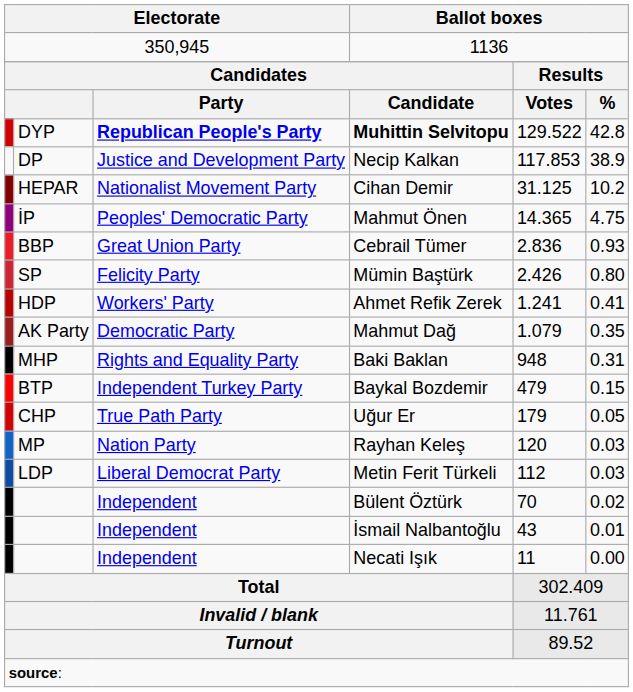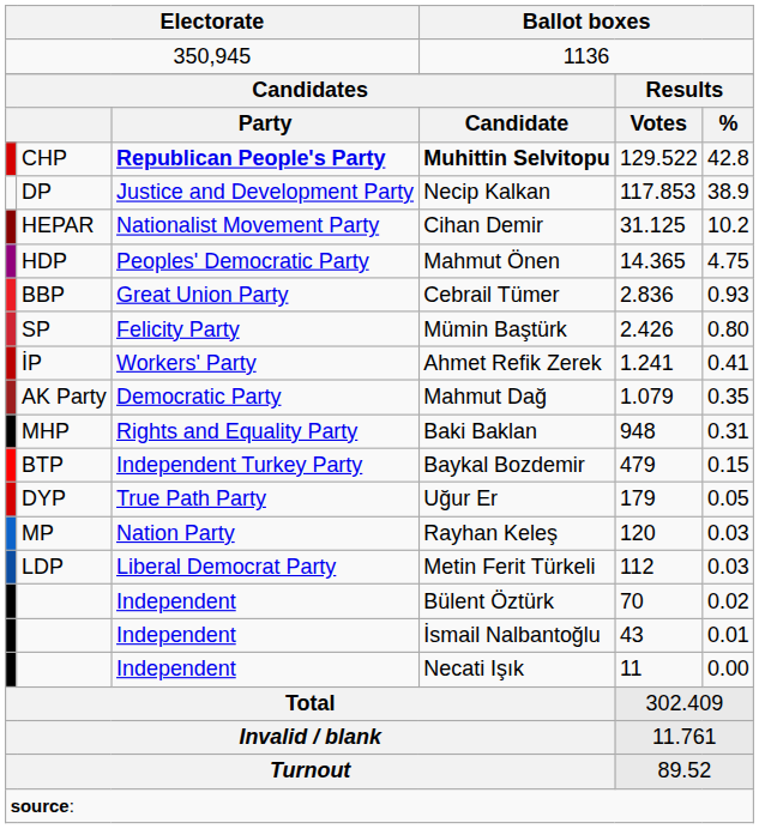 <table class="wikitable">
 <tr style="background-color:#F2F2F2">
 <td align="center" colspan="3"><strong>Electorate</strong></td>
 <td align="center" colspan="7"><strong>Ballot boxes</strong></td>
 </tr>
 <tr align="left">
 <td align="center" colspan="3">350,945</td>
 <td align="center" colspan="7">1136</td>
 </tr>
 <tr>
 </tr>
 <tr style="background-color:#E9E9E9">
 </tr>
 <tr>
 <th align="center" colspan="4">Candidates</th>
 <th align="center" colspan="6">Results</th>
 </tr>
 <tr style="background-color:#E9E9E9">
 <th align="center" colspan="2"></th>
 <th align="center">Party</th>
 <th align="center">Candidate</th>
 <th align="center">Votes</th>
 <th align="center">%</th>
 </tr>
 <tr align="left">
 <td bgcolor="#d50000" width=1></td>
-<td>DYP</td>
+<td>CHP</td>
 <td><strong><a href='#'>Republican People's Party</a></strong></td>
 <td><strong>Muhittin Selvitopu</strong></td>
 <td>129.522</td>
 <td>42.8</td>
 </tr>
 <tr align="left">
 <td></td>
 <td>DP</td>
 <td><a href='#'>Justice and Development Party</a></td>
 <td>Necip Kalkan</td>
 <td>117.853</td>
 <td>38.9</td>
 </tr>
 <tr align="left">
 <td bgcolor="#870000" width=1></td>
 <td>HEPAR</td>
 <td><a href='#'>Nationalist Movement Party</a></td>
 <td>Cihan Demir</td>
 <td>31.125</td>
 <td>10.2</td>
 </tr>
 <tr align="left">
 <td bgcolor="#91007B" width=1></td>
-<td>İP</td>
+<td>HDP</td>
 <td><a href='#'>Peoples' Democratic Party</a></td>
 <td>Mahmut Önen</td>
 <td>14.365</td>
 <td>4.75</td>
 </tr>
 <tr align="left">
 <td bgcolor="#ED1C24" width=1></td>
 <td>BBP</td>
 <td><a href='#'>Great Union Party</a></td>
 <td>Cebrail Tümer</td>
 <td>2.836</td>
 <td>0.93</td>
 </tr>
 <tr align="left">
 <td bgcolor="#D02433" width=1></td>
 <td>SP</td>
 <td><a href='#'>Felicity Party</a></td>
 <td>Mümin Baştürk</td>
 <td>2.426</td>
 <td>0.80</td>
 </tr>
 <tr align="left">
 <td bgcolor="#BB0000" width=1></td>
-<td>HDP</td>
+<td>İP</td>
 <td><a href='#'>Workers' Party</a></td>
 <td>Ahmet Refik Zerek</td>
 <td>1.241</td>
 <td>0.41</td>
 </tr>
 <tr align="left">
 <td bgcolor="#9D1D1E" width=1></td>
 <td>AK Party</td>
 <td><a href='#'>Democratic Party</a></td>
 <td>Mahmut Dağ</td>
 <td>1.079</td>
 <td>0.35</td>
 </tr>
 <tr align="left">
 <td bgcolor="#000000" width=1></td>
 <td>MHP</td>
 <td><a href='#'>Rights and Equality Party</a></td>
 <td>Baki Baklan</td>
 <td>948</td>
 <td>0.31</td>
 </tr>
 <tr align="left">
 <td bgcolor="#FE0000" width=1></td>
 <td>BTP</td>
 <td><a href='#'>Independent Turkey Party</a></td>
 <td>Baykal Bozdemir</td>
 <td>479</td>
 <td>0.15</td>
 </tr>
 <tr align="left">
 <td bgcolor="#d50000" width=1></td>
-<td>CHP</td>
+<td>DYP</td>
 <td><a href='#'>True Path Party</a></td>
 <td>Uğur Er</td>
 <td>179</td>
 <td>0.05</td>
 </tr>
 <tr align="left">
 <td bgcolor="#0C63CA" width=1></td>
 <td>MP</td>
 <td><a href='#'>Nation Party</a></td>
 <td>Rayhan Keleş</td>
 <td>120</td>
 <td>0.03</td>
 </tr>
 <tr align="left">
 <td bgcolor="#0C4DA2" width=1></td>
 <td>LDP</td>
 <td><a href='#'>Liberal Democrat Party</a></td>
 <td>Metin Ferit Türkeli</td>
 <td>112</td>
 <td>0.03</td>
 </tr>
 <tr align="left">
 <td bgcolor=" " width=1></td>
 <td></td>
 <td><a href='#'>Independent</a></td>
 <td>Bülent Öztürk</td>
 <td>70</td>
 <td>0.02</td>
 </tr>
 <tr align="left">
 <td bgcolor=" " width=1></td>
 <td></td>
 <td><a href='#'>Independent</a></td>
 <td>İsmail Nalbantoğlu</td>
 <td>43</td>
 <td>0.01</td>
 </tr>
 <tr align="left">
 <td bgcolor=" " width=1></td>
 <td></td>
 <td><a href='#'>Independent</a></td>
 <td>Necati Işık</td>
 <td>11</td>
 <td>0.00</td>
 </tr>
 <tr style="background-color:#E9E9E9" align="left">
 <th align="center" colspan="4"><strong>Total</strong></th>
 <td align="center" colspan="5">302.409</td>
 </tr>
 <tr style="background-color:#E9E9E9" align="left">
 <th align="center" colspan="4"><em>Invalid / blank</em></th>
 <td align="center" colspan="5">11.761</td>
 </tr>
 <tr style="background-color:#E9E9E9" align="left">
 <th align="center" colspan="4"><em>Turnout</em></th>
 <td align="center" colspan="5">89.52</td>
 </tr>
 <tr>
 <td align="left" colspan=10><small><strong>source</strong>: </small></td>
 </tr>
 </table>
